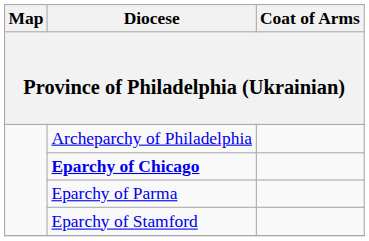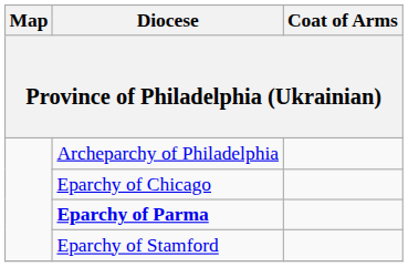 <table class="wikitable sortable">
 <tr>
 <th class="unsortable">Map</th>
 <th>Diocese</th>
 <th class=unsortable>Coat of Arms</th>
 </tr>
 <tr>
 <th colspan="3"><br><h3>Province of Philadelphia (Ukrainian)</h3></th>
 </tr>
 <tr>
 <td rowspan="4"></td>
 <td><a href='#'>Archeparchy of Philadelphia</a></td>
 <td></td>
 </tr>
 <tr>
-<td><strong><a href='#'>Eparchy of Chicago</a></strong></td>
+<td><a href='#'>Eparchy of Chicago</a></td>
 <td></td>
 </tr>
 <tr>
-<td><a href='#'>Eparchy of Parma</a></td>
+<td><strong><a href='#'>Eparchy of Parma</a></strong></td>
 <td></td>
 </tr>
 <tr>
 <td><a href='#'>Eparchy of Stamford</a></td>
 <td></td>
 </tr>
 <tr>
 </tr>
 </table>
